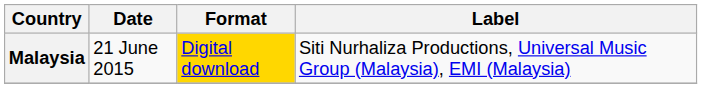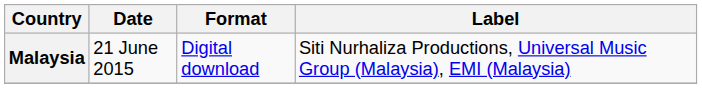 <table class="wikitable plainrowheaders" border="1">
 <tr>
 <th>Country</th>
 <th>Date</th>
 <th>Format</th>
 <th>Label</th>
 </tr>
 <tr>
 <th rowspan="1">Malaysia</th>
 <td rowspan="1">21 June 2015</td>
-<td rowspan="1" style="background: gold;"><a href='#'>Digital download</a></td>
+<td rowspan="1"><a href='#'>Digital download</a></td>
 <td rowspan="1">Siti Nurhaliza Productions, <a href='#'>Universal Music Group (Malaysia)</a>, <a href='#'>EMI (Malaysia)</a></td>
 </tr>
 <tr>
 </tr>
 </table>
